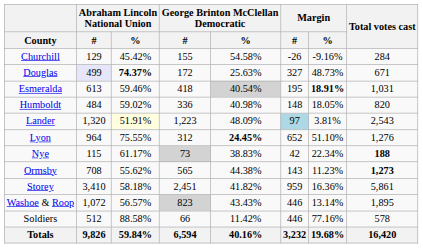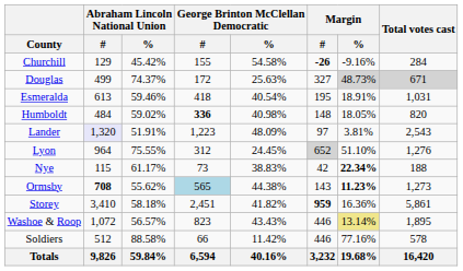 <table class="wikitable sortable" style="text-align:center">
 <tr>
 <th colspan=1></th>
 <th style="text-align:center;" colspan="2">Abraham Lincoln<br>National Union</th>
 <th style="text-align:center;" colspan="2">George Brinton McClellan<br>Democratic</th>
 <th style="text-align:center;" colspan="2">Margin</th>
 <th style="text-align:center;" rowspan="2">Total votes cast</th>
 </tr>
 <tr>
 <th align=center>County</th>
 <th style="text-align:center;" data-sort-type="number">#</th>
 <th style="text-align:center;" data-sort-type="number">%</th>
 <th style="text-align:center;" data-sort-type="number">#</th>
 <th style="text-align:center;" data-sort-type="number">%</th>
 <th style="text-align:center;" data-sort-type="number">#</th>
 <th style="text-align:center;" data-sort-type="number">%</th>
 </tr>
 <tr style="text-align:center;">
 <td><a href='#'>Churchill</a></td>
 <td>129</td>
 <td>45.42%</td>
 <td>155</td>
 <td>54.58%</td>
-<td>-26</td>
+<td><strong>-26</strong></td>
 <td>-9.16%</td>
 <td>284</td>
 </tr>
 <tr style="text-align:center;">
 <td><a href='#'>Douglas</a></td>
-<td style="background: lavender;">499</td>
-<td><strong>74.37%</strong></td>
+<td>499</td>
+<td>74.37%</td>
 <td>172</td>
 <td>25.63%</td>
 <td>327</td>
-<td>48.73%</td>
-<td>671</td>
+<td style="background: lightgrey;">48.73%</td>
+<td style="background: lightgrey;">671</td>
 </tr>
 <tr style="text-align:center;">
 <td><a href='#'>Esmeralda</a></td>
 <td>613</td>
 <td>59.46%</td>
 <td>418</td>
-<td style="background: lightgrey;">40.54%</td>
+<td>40.54%</td>
 <td>195</td>
-<td><strong>18.91%</strong></td>
+<td>18.91%</td>
 <td>1,031</td>
 </tr>
 <tr style="text-align:center;">
 <td><a href='#'>Humboldt</a></td>
 <td>484</td>
 <td>59.02%</td>
-<td>336</td>
+<td><strong>336</strong></td>
 <td>40.98%</td>
 <td>148</td>
 <td>18.05%</td>
 <td>820</td>
 </tr>
 <tr style="text-align:center;">
 <td><a href='#'>Lander</a></td>
-<td>1,320</td>
-<td style="background: lightyellow;">51.91%</td>
+<td style="background: lavender;">1,320</td>
+<td>51.91%</td>
 <td>1,223</td>
 <td>48.09%</td>
-<td style="background: lightblue;">97</td>
+<td>97</td>
 <td>3.81%</td>
 <td>2,543</td>
 </tr>
 <tr style="text-align:center;">
 <td><a href='#'>Lyon</a></td>
 <td>964</td>
 <td>75.55%</td>
 <td>312</td>
-<td><strong>24.45%</strong></td>
-<td>652</td>
+<td>24.45%</td>
+<td style="background: lightgrey;">652</td>
 <td>51.10%</td>
 <td>1,276</td>
 </tr>
 <tr style="text-align:center;">
 <td><a href='#'>Nye</a></td>
 <td>115</td>
 <td>61.17%</td>
-<td style="background: lightgrey;">73</td>
+<td>73</td>
 <td>38.83%</td>
 <td>42</td>
-<td>22.34%</td>
-<td><strong>188</strong></td>
+<td><strong>22.34%</strong></td>
+<td>188</td>
 </tr>
 <tr style="text-align:center;">
 <td><a href='#'>Ormsby</a></td>
-<td>708</td>
+<td><strong>708</strong></td>
 <td>55.62%</td>
-<td>565</td>
+<td style="background: lightblue;">565</td>
 <td>44.38%</td>
 <td>143</td>
-<td>11.23%</td>
-<td><strong>1,273</strong></td>
+<td><strong>11.23%</strong></td>
+<td>1,273</td>
 </tr>
 <tr style="text-align:center;">
 <td><a href='#'>Storey</a></td>
 <td>3,410</td>
 <td>58.18%</td>
 <td>2,451</td>
 <td>41.82%</td>
-<td>959</td>
+<td><strong>959</strong></td>
 <td>16.36%</td>
 <td>5,861</td>
 </tr>
 <tr style="text-align:center;">
 <td><a href='#'>Washoe</a> & <a href='#'>Roop</a></td>
 <td>1,072</td>
 <td>56.57%</td>
-<td style="background: lightgrey;">823</td>
+<td>823</td>
 <td>43.43%</td>
 <td>446</td>
-<td>13.14%</td>
+<td style="background: khaki;">13.14%</td>
 <td>1,895</td>
 </tr>
 <tr style="text-align:center;">
 <td>Soldiers</td>
 <td>512</td>
 <td>88.58%</td>
 <td>66</td>
 <td>11.42%</td>
 <td>446</td>
 <td>77.16%</td>
 <td>578</td>
 </tr>
 <tr style="text-align:center;">
 <th>Totals</th>
 <th>9,826</th>
 <th>59.84%</th>
 <th>6,594</th>
 <th>40.16%</th>
 <th>3,232</th>
 <th>19.68%</th>
 <th>16,420</th>
 </tr>
 </table>
